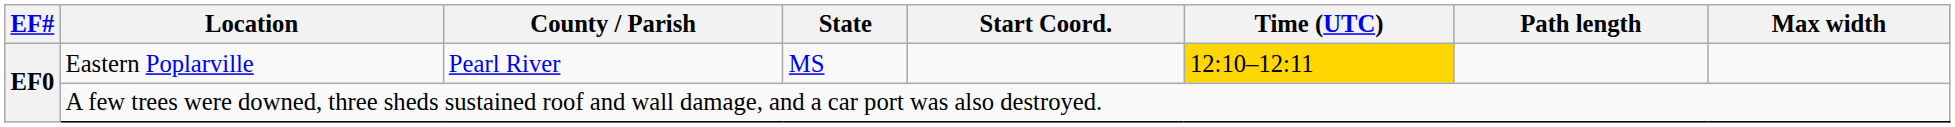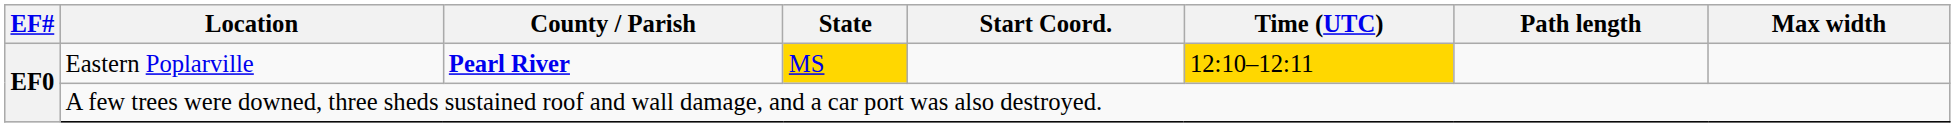 <table class="wikitable sortable" style="width:100%;">
 <tr>
 <th scope="col" width="2%" align="center"><a href='#'>EF#</a></th>
 <th scope="col" align="center" class="unsortable">Location</th>
 <th scope="col" align="center" class="unsortable">County / Parish</th>
 <th scope="col" align="center">State</th>
 <th scope="col" align="center">Start Coord.</th>
 <th scope="col" align="center">Time (<a href='#'>UTC</a>)</th>
 <th scope="col" align="center">Path length</th>
 <th scope="col" align="center">Max width</th>
 </tr>
 <tr>
 <th scope="row" rowspan="2" style="background-color:#">EF0</th>
 <td>Eastern <a href='#'>Poplarville</a></td>
-<td><a href='#'>Pearl River</a></td>
-<td><a href='#'>MS</a></td>
+<td><strong><a href='#'>Pearl River</a></strong></td>
+<td style="background: gold;"><a href='#'>MS</a></td>
 <td></td>
 <td style="background: gold;">12:10–12:11</td>
 <td></td>
 <td></td>
 </tr>
 <tr class="expand-child">
 <td colspan="8" style=" border-bottom: 1px solid black;">A few trees were downed, three sheds sustained roof and wall damage, and a car port was also destroyed.</td>
 </tr>
 </table>
